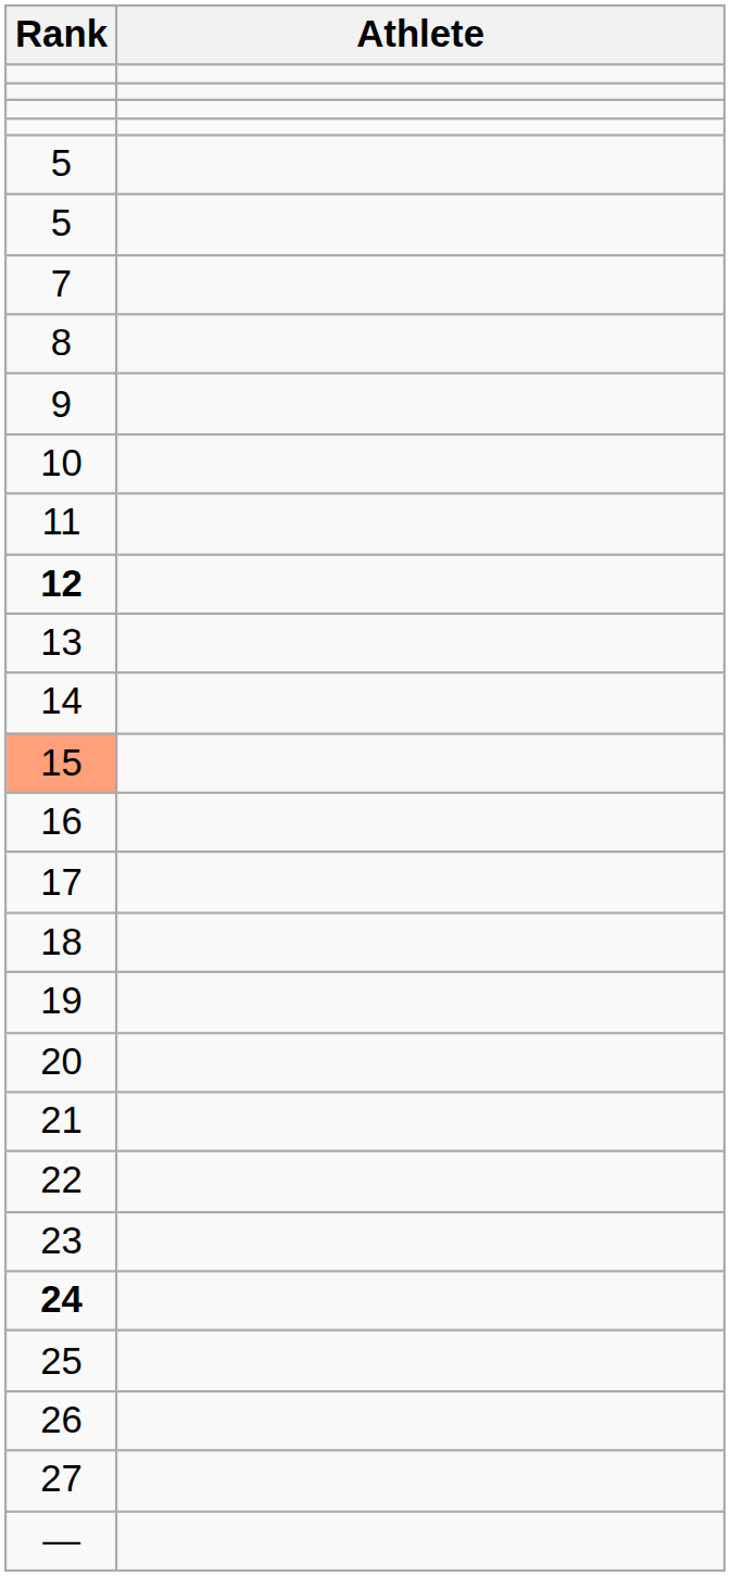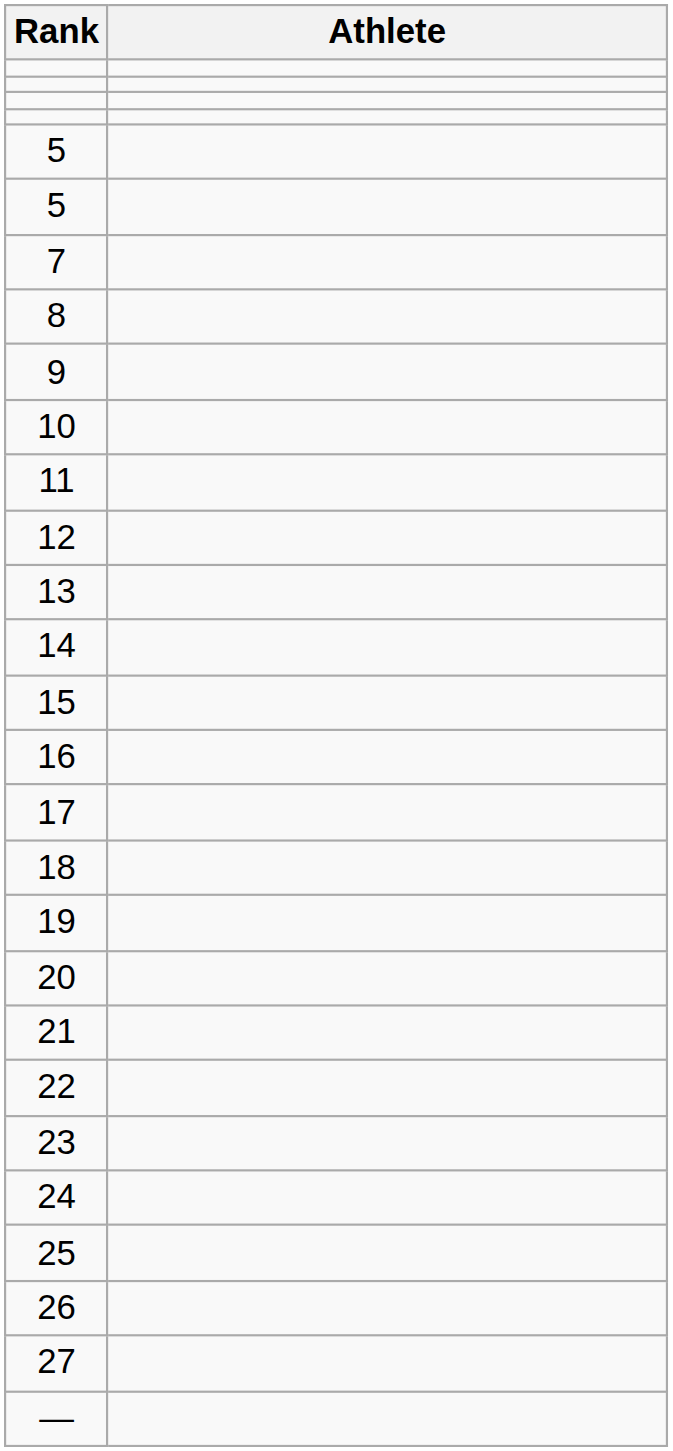 <table class="wikitable" style="text-align: center;">
 <tr>
 <th width=40>Rank</th>
 <th width=250>Athlete</th>
 </tr>
 <tr>
 <td></td>
 <td align="left"></td>
 </tr>
 <tr>
 <td></td>
 <td align="left"></td>
 </tr>
 <tr>
 <td></td>
 <td align="left"></td>
 </tr>
 <tr>
 <td></td>
 <td align="left"></td>
 </tr>
 <tr>
 <td>5</td>
 <td align="left"></td>
 </tr>
 <tr>
 <td>5</td>
 <td align="left"></td>
 </tr>
 <tr>
 <td>7</td>
 <td align="left"></td>
 </tr>
 <tr>
 <td>8</td>
 <td align="left"></td>
 </tr>
 <tr>
 <td>9</td>
 <td align="left"></td>
 </tr>
 <tr>
 <td>10</td>
 <td align="left"></td>
 </tr>
 <tr>
 <td>11</td>
 <td align="left"></td>
 </tr>
 <tr>
-<td><strong>12</strong></td>
+<td>12</td>
 <td align="left"></td>
 </tr>
 <tr>
 <td>13</td>
 <td align="left"></td>
 </tr>
 <tr>
 <td>14</td>
 <td align="left"></td>
 </tr>
 <tr>
-<td style="background: lightsalmon;">15</td>
+<td>15</td>
 <td align="left"></td>
 </tr>
 <tr>
 <td>16</td>
 <td align="left"></td>
 </tr>
 <tr>
 <td>17</td>
 <td align="left"></td>
 </tr>
 <tr>
 <td>18</td>
 <td align="left"></td>
 </tr>
 <tr>
 <td>19</td>
 <td align="left"></td>
 </tr>
 <tr>
 <td>20</td>
 <td align="left"></td>
 </tr>
 <tr>
 <td>21</td>
 <td align="left"></td>
 </tr>
 <tr>
 <td>22</td>
 <td align="left"></td>
 </tr>
 <tr>
 <td>23</td>
 <td align="left"></td>
 </tr>
 <tr>
-<td><strong>24</strong></td>
+<td>24</td>
 <td align="left"></td>
 </tr>
 <tr>
 <td>25</td>
 <td align="left"></td>
 </tr>
 <tr>
 <td>26</td>
 <td align="left"></td>
 </tr>
 <tr>
 <td>27</td>
 <td align="left"></td>
 </tr>
 <tr>
 <td>—</td>
 <td align="left"></td>
 </tr>
 </table>
